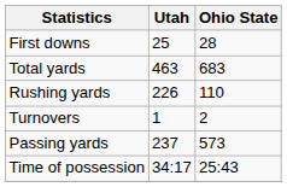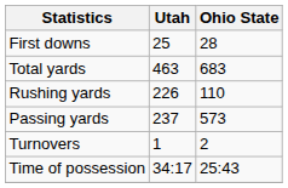 <table class="wikitable">
 <tr>
 <th>Statistics</th>
 <th>Utah</th>
 <th>Ohio State</th>
 </tr>
 <tr>
 <td>First downs</td>
 <td>25</td>
 <td>28</td>
 </tr>
 <tr>
 <td>Total yards</td>
 <td>463</td>
 <td>683</td>
 </tr>
 <tr>
 <td>Rushing yards</td>
 <td>226</td>
 <td>110</td>
 </tr>
 <tr>
+<td>Passing yards</td>
+<td>237</td>
+<td>573</td>
+</tr>
+<tr>
 <td>Turnovers</td>
 <td>1</td>
 <td>2</td>
-</tr>
-<tr>
-<td>Passing yards</td>
-<td>237</td>
-<td>573</td>
 </tr>
 <tr>
 <td>Time of possession</td>
 <td>34:17</td>
 <td>25:43</td>
 </tr>
 <tr>
 </tr>
 </table>
